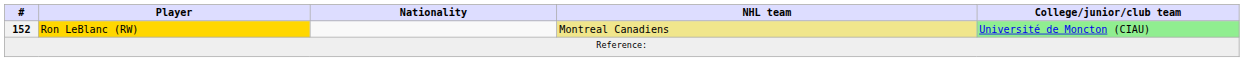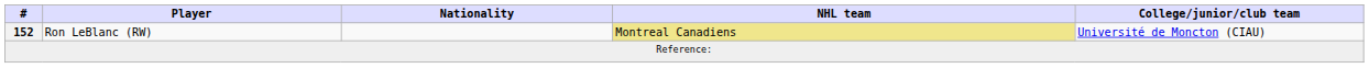 <table class="wikitable" style="width: 100%">
 <tr>
 <th style="background:#ddf; width:2.75%;">#</th>
 <th style="background:#ddf; width:22.0%;">Player</th>
 <th style="background:#ddf; width:20.0%;">Nationality</th>
 <th style="background:#ddf; width:34.0%;">NHL team</th>
 <th style="background:#ddf; width:100.0%;">College/junior/club team</th>
 </tr>
 <tr>
 <th>152</th>
-<td style="background: gold;">Ron LeBlanc (RW)</td>
+<td>Ron LeBlanc (RW)</td>
 <td></td>
 <td style="background: khaki;">Montreal Canadiens</td>
-<td style="background: lightgreen;"><a href='#'>Université de Moncton</a> (CIAU)</td>
+<td><a href='#'>Université de Moncton</a> (CIAU)</td>
 </tr>
 <tr>
 <td align=center colspan="6" bgcolor="#efefef"><sup>Reference: </sup></td>
 </tr>
 </table>
